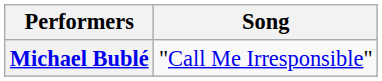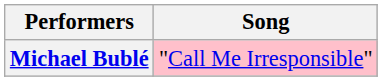 <table class="wikitable unsortable" style="text-align:center;">
 <tr>
 <th scope="col">Performers</th>
 <th scope="col">Song</th>
 </tr>
 <tr>
 <th scope="row"><a href='#'>Michael Bublé</a></th>
-<td>"<a href='#'>Call Me Irresponsible</a>"</td>
+<td style="background: pink;">"<a href='#'>Call Me Irresponsible</a>"</td>
 </tr>
 </table>
